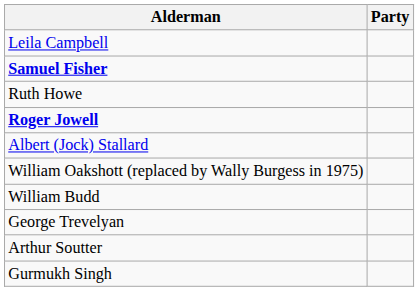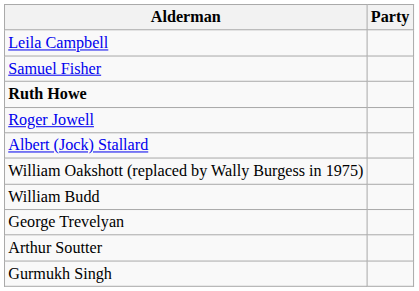 <table class="wikitable">
 <tr>
 <th>Alderman</th>
 <th colspan="2">Party</th>
 </tr>
 <tr>
 <td><a href='#'>Leila Campbell</a></td>
 <td></td>
 </tr>
 <tr>
-<td><strong><a href='#'>Samuel Fisher</a></strong></td>
+<td><a href='#'>Samuel Fisher</a></td>
 <td></td>
 </tr>
 <tr>
-<td>Ruth Howe</td>
+<td><strong>Ruth Howe</strong></td>
 <td></td>
 </tr>
 <tr>
-<td><strong><a href='#'>Roger Jowell</a></strong></td>
+<td><a href='#'>Roger Jowell</a></td>
 <td></td>
 </tr>
 <tr>
 <td><a href='#'>Albert (Jock) Stallard</a></td>
 <td></td>
 </tr>
 <tr>
 <td>William Oakshott (replaced by Wally Burgess in 1975)</td>
 <td></td>
 </tr>
 <tr>
 <td>William Budd</td>
 <td></td>
 </tr>
 <tr>
 <td>George Trevelyan</td>
 <td></td>
 </tr>
 <tr>
 <td>Arthur Soutter</td>
 <td></td>
 </tr>
 <tr>
 <td>Gurmukh Singh</td>
 <td></td>
 </tr>
 </table>
